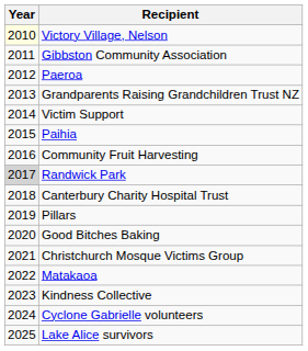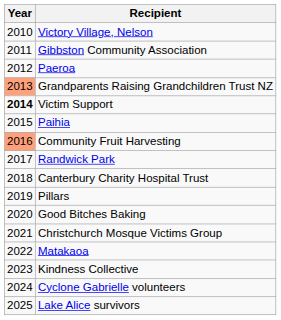 <table class="wikitable sortable">
 <tr>
 <th>Year</th>
 <th>Recipient</th>
 </tr>
 <tr>
-<td style="background: lightyellow;">2010</td>
+<td>2010</td>
 <td><a href='#'>Victory Village, Nelson</a></td>
 </tr>
 <tr>
 <td>2011</td>
 <td><a href='#'>Gibbston</a> Community Association</td>
 </tr>
 <tr>
 <td>2012</td>
 <td><a href='#'>Paeroa</a></td>
 </tr>
 <tr>
-<td>2013</td>
+<td style="background: lightsalmon;">2013</td>
 <td>Grandparents Raising Grandchildren Trust NZ</td>
 </tr>
 <tr>
-<td>2014</td>
+<td><strong>2014</strong></td>
 <td>Victim Support</td>
 </tr>
 <tr>
 <td>2015</td>
 <td><a href='#'>Paihia</a></td>
 </tr>
 <tr>
-<td>2016</td>
+<td style="background: lightsalmon;">2016</td>
 <td>Community Fruit Harvesting</td>
 </tr>
 <tr>
-<td style="background: lightgrey;">2017</td>
+<td>2017</td>
 <td><a href='#'>Randwick Park</a></td>
 </tr>
 <tr>
 <td>2018</td>
 <td>Canterbury Charity Hospital Trust</td>
 </tr>
 <tr>
 <td>2019</td>
 <td>Pillars</td>
 </tr>
 <tr>
 <td>2020</td>
 <td>Good Bitches Baking</td>
 </tr>
 <tr>
 <td>2021</td>
 <td>Christchurch Mosque Victims Group</td>
 </tr>
 <tr>
 <td>2022</td>
 <td><a href='#'>Matakaoa</a></td>
 </tr>
 <tr>
 <td>2023</td>
 <td>Kindness Collective</td>
 </tr>
 <tr>
 <td>2024</td>
 <td><a href='#'>Cyclone Gabrielle</a> volunteers</td>
 </tr>
 <tr>
 <td>2025</td>
 <td><a href='#'>Lake Alice</a> survivors</td>
 </tr>
 </table>
